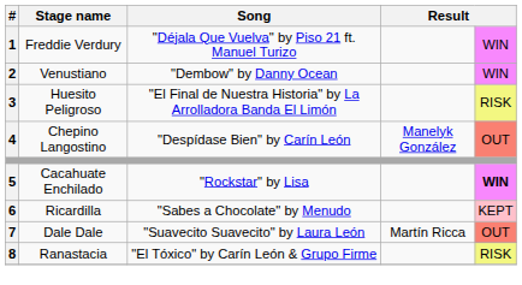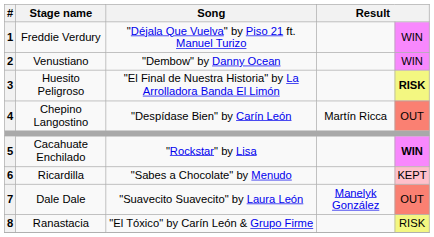 <table class="wikitable plainrowheaders" style="text-align: center;">
 <tr>
 <th>#</th>
 <th>Stage name</th>
 <th>Song</th>
 <th Identity colspan=2>Result</th>
 </tr>
 <tr>
 <th>1</th>
 <td>Freddie Verdury</td>
 <td>"<a href='#'>Déjala Que Vuelva</a>" by <a href='#'>Piso 21</a> ft. <a href='#'>Manuel Turizo</a></td>
 <td></td>
 <td bgcolor=#F888FD>WIN</td>
 </tr>
 <tr>
 <th>2</th>
 <td>Venustiano</td>
 <td>"Dembow" by <a href='#'>Danny Ocean</a></td>
 <td></td>
 <td bgcolor=#F888FD>WIN</td>
 </tr>
 <tr>
 <th>3</th>
 <td>Huesito Peligroso</td>
 <td>"El Final de Nuestra Historia" by <a href='#'>La Arrolladora Banda El Limón</a></td>
 <td></td>
-<td bgcolor=#F3F781>RISK</td>
+<td bgcolor=#F3F781><strong>RISK</strong></td>
 </tr>
 <tr>
 <th>4</th>
 <td>Chepino Langostino</td>
 <td>"Despídase Bien" by <a href='#'>Carín León</a></td>
-<td><a href='#'>Manelyk González</a></td>
+<td>Martín Ricca</td>
 <td bgcolor=salmon>OUT</td>
 </tr>
 <tr>
 <td colspan="5" style="background:darkgray"></td>
 </tr>
 <tr>
 <th>5</th>
 <td>Cacahuate Enchilado</td>
 <td>"<a href='#'>Rockstar</a>" by <a href='#'>Lisa</a></td>
 <td></td>
 <td bgcolor=#F888FD><strong>WIN</strong></td>
 </tr>
 <tr>
 <th>6</th>
 <td>Ricardilla</td>
 <td>"Sabes a Chocolate" by <a href='#'>Menudo</a></td>
 <td></td>
 <td bgcolor=pink>KEPT</td>
 </tr>
 <tr>
 <th>7</th>
 <td>Dale Dale</td>
 <td>"Suavecito Suavecito" by <a href='#'>Laura León</a></td>
-<td>Martín Ricca</td>
+<td><a href='#'>Manelyk González</a></td>
 <td bgcolor=salmon>OUT</td>
 </tr>
 <tr>
 <th>8</th>
 <td>Ranastacia</td>
 <td>"El Tóxico" by Carín León & <a href='#'>Grupo Firme</a></td>
 <td></td>
 <td bgcolor=#F3F781>RISK</td>
 </tr>
 <tr>
 </tr>
 </table>
